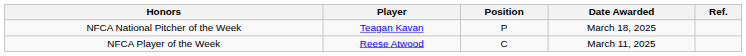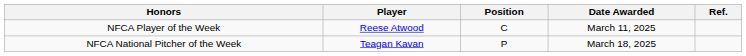 <table class="wikitable" style="width: 60%;text-align: center;">
 <tr>
 <th>Honors</th>
 <th>Player</th>
 <th>Position</th>
 <th>Date Awarded</th>
 <th>Ref.</th>
 </tr>
 <tr align="center">
+<td rowspan="1">NFCA Player of the Week</td>
+<td><a href='#'>Reese Atwood</a></td>
+<td>C</td>
+<td rowspan="1">March 11, 2025</td>
+<td rowspan="1"></td>
+</tr>
+<tr align="center">
 <td rowspan="1">NFCA National Pitcher of the Week</td>
 <td><a href='#'>Teagan Kavan</a></td>
 <td>P</td>
 <td rowspan="1">March 18, 2025</td>
 <td rowspan="1"></td>
 </tr>
-<tr align="center">
-<td rowspan="1">NFCA Player of the Week</td>
-<td><a href='#'>Reese Atwood</a></td>
-<td>C</td>
-<td rowspan="1">March 11, 2025</td>
-<td rowspan="1"></td>
-</tr>
 </table>
